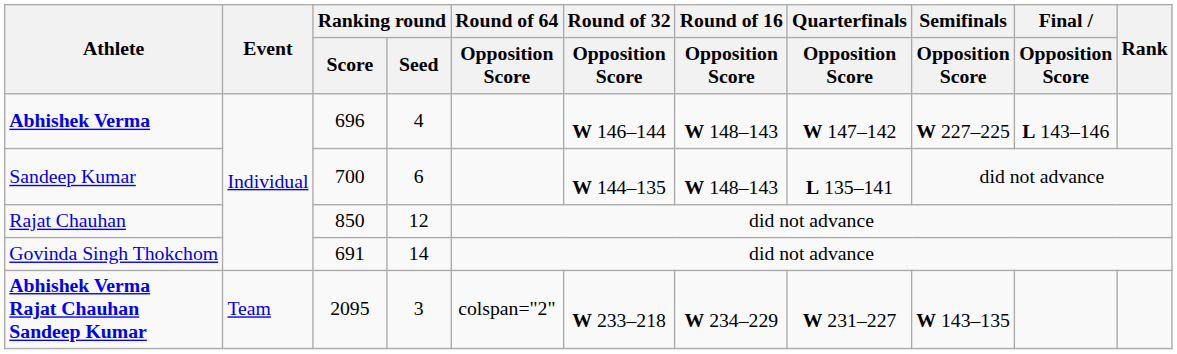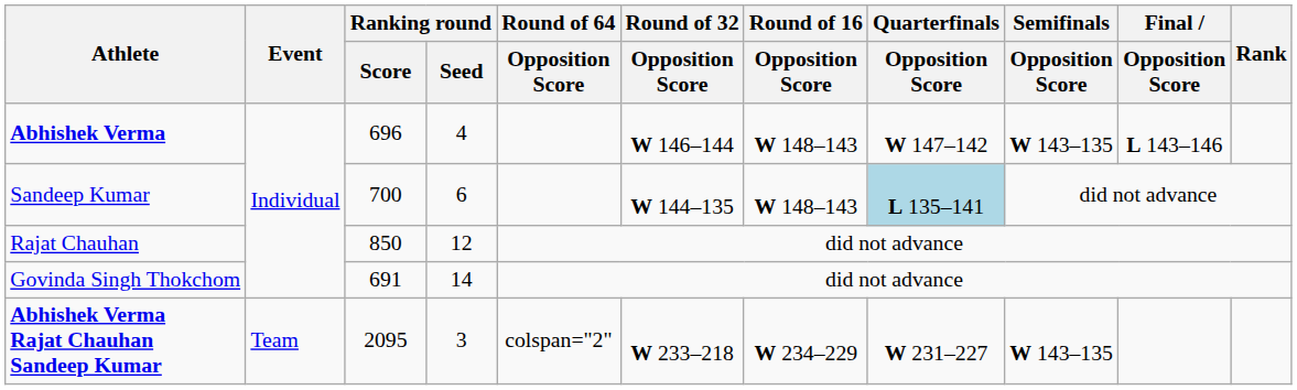 <table class="wikitable" style="text-align:center; font-size:90%">
 <tr>
 <th rowspan=2>Athlete</th>
 <th rowspan=2>Event</th>
 <th colspan=2>Ranking round</th>
 <th>Round of 64</th>
 <th>Round of 32</th>
 <th>Round of 16</th>
 <th>Quarterfinals</th>
 <th>Semifinals</th>
 <th>Final / </th>
 <th rowspan=2>Rank</th>
 </tr>
 <tr>
 <th>Score</th>
 <th>Seed</th>
 <th>Opposition<br>Score</th>
 <th>Opposition<br>Score</th>
 <th>Opposition<br>Score</th>
 <th>Opposition<br>Score</th>
 <th>Opposition<br>Score</th>
 <th>Opposition<br>Score</th>
 </tr>
 <tr>
 <td align=left><strong><a href='#'>Abhishek Verma</a></strong></td>
 <td align=left rowspan=4><a href='#'>Individual</a></td>
 <td>696</td>
 <td>4</td>
 <td></td>
 <td><br><strong>W</strong> 146–144</td>
 <td><br><strong>W</strong> 148–143</td>
 <td><br><strong>W</strong> 147–142</td>
-<td><br><strong>W</strong> 227–225</td>
+<td><br><strong>W</strong> 143–135</td>
 <td><br><strong>L</strong> 143–146</td>
 <td></td>
 </tr>
 <tr>
 <td align=left><a href='#'>Sandeep Kumar</a></td>
 <td>700</td>
 <td>6</td>
 <td></td>
 <td><br><strong>W</strong> 144–135</td>
 <td><br><strong>W</strong> 148–143</td>
-<td><br><strong>L</strong> 135–141</td>
+<td style="background: lightblue;"><br><strong>L</strong> 135–141</td>
 <td colspan=3>did not advance</td>
 </tr>
 <tr>
 <td align=left><a href='#'>Rajat Chauhan</a></td>
 <td>850</td>
 <td>12</td>
 <td colspan=7>did not advance</td>
 </tr>
 <tr>
 <td align=left><a href='#'>Govinda Singh Thokchom</a></td>
 <td>691</td>
 <td>14</td>
 <td colspan=7>did not advance</td>
 </tr>
 <tr>
 <td align=left><strong><a href='#'>Abhishek Verma</a><br><a href='#'>Rajat Chauhan</a><br><a href='#'>Sandeep Kumar</a></strong></td>
 <td align=left><a href='#'>Team</a></td>
 <td>2095</td>
 <td>3</td>
 <td>colspan="2" </td>
 <td><br><strong>W</strong> 233–218</td>
 <td><br><strong>W</strong> 234–229</td>
 <td><br><strong>W</strong> 231–227</td>
 <td><br><strong>W</strong> 143–135</td>
 <td></td>
 </tr>
 </table>
